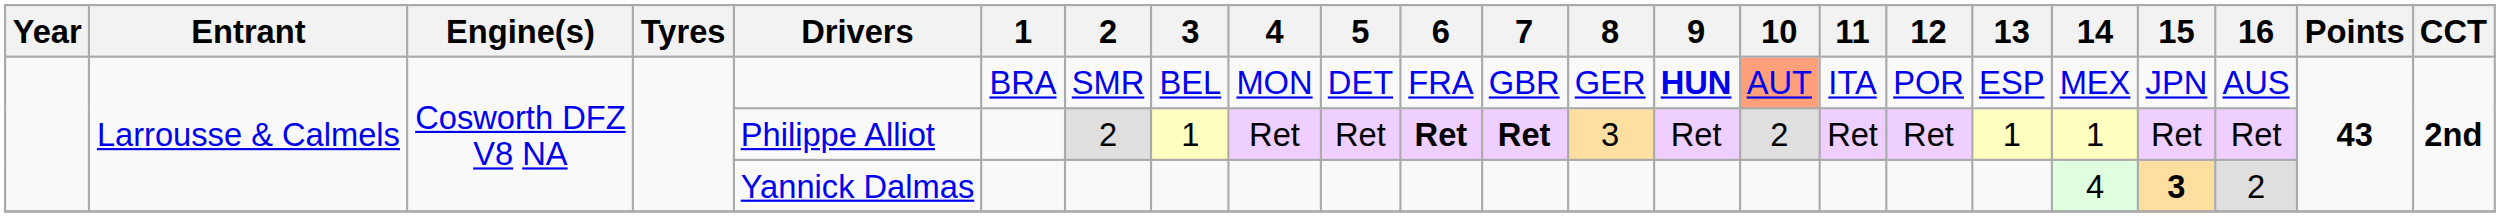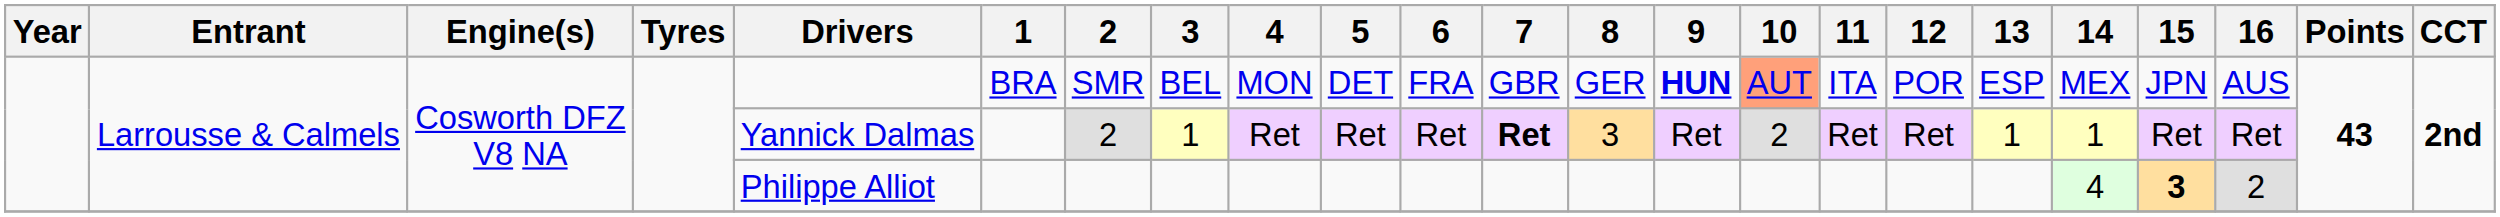 <table class="wikitable" style="text-align:center; font-size:95%">
 <tr>
 <th>Year</th>
 <th>Entrant</th>
 <th>Engine(s)</th>
 <th>Tyres</th>
 <th>Drivers</th>
 <th>1</th>
 <th>2</th>
 <th>3</th>
 <th>4</th>
 <th>5</th>
 <th>6</th>
 <th>7</th>
 <th>8</th>
 <th>9</th>
 <th>10</th>
 <th>11</th>
 <th>12</th>
 <th>13</th>
 <th>14</th>
 <th>15</th>
 <th>16</th>
 <th>Points</th>
 <th>CCT</th>
 </tr>
 <tr>
 <td rowspan="3"></td>
 <td rowspan="3"><a href='#'>Larrousse & Calmels</a></td>
 <td rowspan="3"><a href='#'>Cosworth DFZ</a><br><a href='#'>V8</a> <a href='#'>NA</a></td>
 <td rowspan="3"></td>
 <td></td>
 <td><a href='#'>BRA</a></td>
 <td><a href='#'>SMR</a></td>
 <td><a href='#'>BEL</a></td>
 <td><a href='#'>MON</a></td>
 <td><a href='#'>DET</a></td>
 <td><a href='#'>FRA</a></td>
 <td><a href='#'>GBR</a></td>
 <td><a href='#'>GER</a></td>
 <td><strong><a href='#'>HUN</a></strong></td>
 <td style="background: lightsalmon;"><a href='#'>AUT</a></td>
 <td><a href='#'>ITA</a></td>
 <td><a href='#'>POR</a></td>
 <td><a href='#'>ESP</a></td>
 <td><a href='#'>MEX</a></td>
 <td><a href='#'>JPN</a></td>
 <td><a href='#'>AUS</a></td>
 <td rowspan="3"><strong>43</strong></td>
 <td rowspan="3"><strong>2nd</strong></td>
 </tr>
 <tr>
-<td align="left"><a href='#'>Philippe Alliot</a></td>
+<td align="left"><a href='#'>Yannick Dalmas</a></td>
 <td></td>
 <td style="background:#dfdfdf;">2</td>
 <td style="background:#ffffbf;">1</td>
 <td style="background:#efcfff;">Ret</td>
 <td style="background:#efcfff;">Ret</td>
-<td style="background:#efcfff;"><strong>Ret</strong></td>
+<td style="background:#efcfff;">Ret</td>
 <td style="background:#efcfff;"><strong>Ret</strong></td>
 <td style="background:#ffdf9f;">3</td>
 <td style="background:#efcfff;">Ret</td>
 <td style="background:#dfdfdf;">2</td>
 <td style="background:#efcfff;">Ret</td>
 <td style="background:#efcfff;">Ret</td>
 <td style="background:#ffffbf;">1</td>
 <td style="background:#ffffbf;">1</td>
 <td style="background:#efcfff;">Ret</td>
 <td style="background:#efcfff;">Ret</td>
 </tr>
 <tr>
-<td align="left"><a href='#'>Yannick Dalmas</a></td>
+<td align="left"><a href='#'>Philippe Alliot</a></td>
 <td></td>
 <td></td>
 <td></td>
 <td></td>
 <td></td>
 <td></td>
 <td></td>
 <td></td>
 <td></td>
 <td></td>
 <td></td>
 <td></td>
 <td></td>
 <td style="background:#dfffdf;">4</td>
 <td style="background:#ffdf9f;"><strong>3</strong></td>
 <td style="background:#dfdfdf;">2</td>
 </tr>
 <tr>
 </tr>
 </table>
